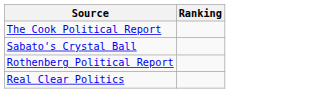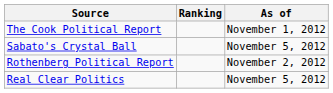 <table class="wikitable" style="text-align:center">
 <tr>
 <th>Source</th>
 <th>Ranking</th>
+<th>As of</th>
 </tr>
 <tr>
 <td align=left><a href='#'>The Cook Political Report</a></td>
 <td style="background:"></td>
+<td>November 1, 2012</td>
 </tr>
 <tr>
 <td align=left><a href='#'>Sabato's Crystal Ball</a></td>
 <td style="background:"></td>
+<td>November 5, 2012</td>
 </tr>
 <tr>
 <td align=left><a href='#'>Rothenberg Political Report</a></td>
 <td style="background:"></td>
+<td>November 2, 2012</td>
 </tr>
 <tr>
 <td align=left><a href='#'>Real Clear Politics</a></td>
 <td style="background:"></td>
+<td>November 5, 2012</td>
 </tr>
 </table>
